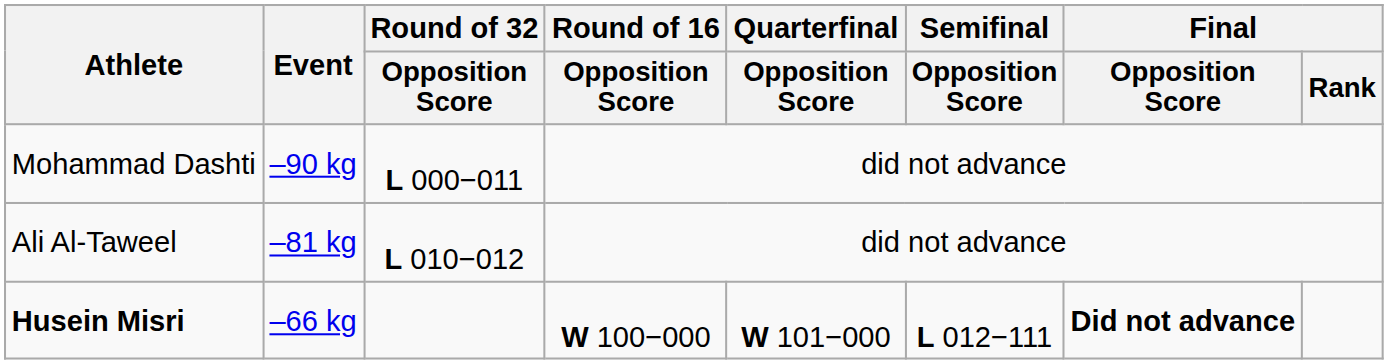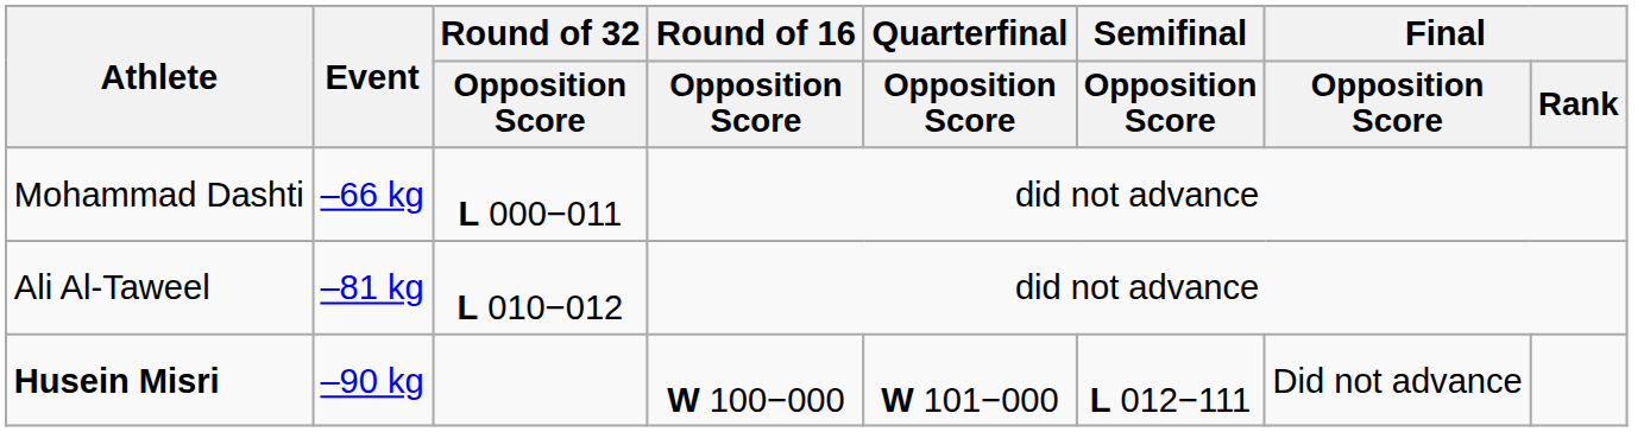 <table class=wikitable style=font-size:90%;text-align:center>
 <tr>
 <th rowspan=2>Athlete</th>
 <th rowspan=2>Event</th>
 <th>Round of 32</th>
 <th>Round of 16</th>
 <th>Quarterfinal</th>
 <th>Semifinal</th>
 <th colspan=2>Final</th>
 </tr>
 <tr style=font-size:95%>
 <th>Opposition<br>Score</th>
 <th>Opposition<br>Score</th>
 <th>Opposition<br>Score</th>
 <th>Opposition<br>Score</th>
 <th>Opposition<br>Score</th>
 <th>Rank</th>
 </tr>
 <tr>
 <td align=left>Mohammad Dashti</td>
-<td align=left><a href='#'>–90 kg</a></td>
+<td align=left><a href='#'>–66 kg</a></td>
 <td><br><strong>L</strong> 000−011</td>
 <td colspan=5>did not advance</td>
 </tr>
 <tr>
 <td align=left>Ali Al-Taweel</td>
 <td align=left><a href='#'>–81 kg</a></td>
 <td><br><strong>L</strong> 010−012</td>
 <td colspan=5>did not advance</td>
 </tr>
 <tr>
 <td align=left><strong>Husein Misri</strong></td>
-<td align=left><a href='#'>–66 kg</a></td>
+<td align=left><a href='#'>–90 kg</a></td>
 <td></td>
 <td><br><strong>W</strong> 100−000</td>
 <td><br><strong>W</strong> 101−000</td>
 <td><br><strong>L</strong> 012−111</td>
-<td><strong>Did not advance</strong></td>
+<td>Did not advance</td>
 <td></td>
 </tr>
 </table>
